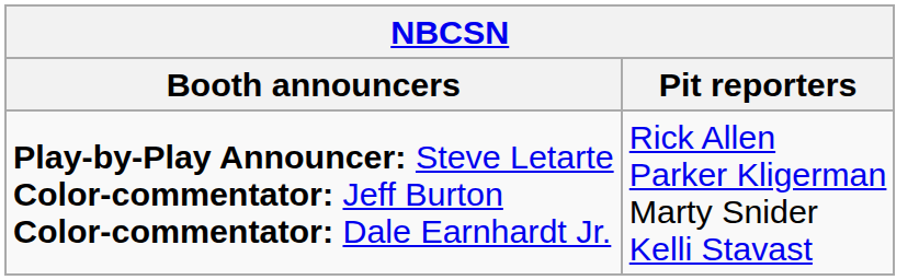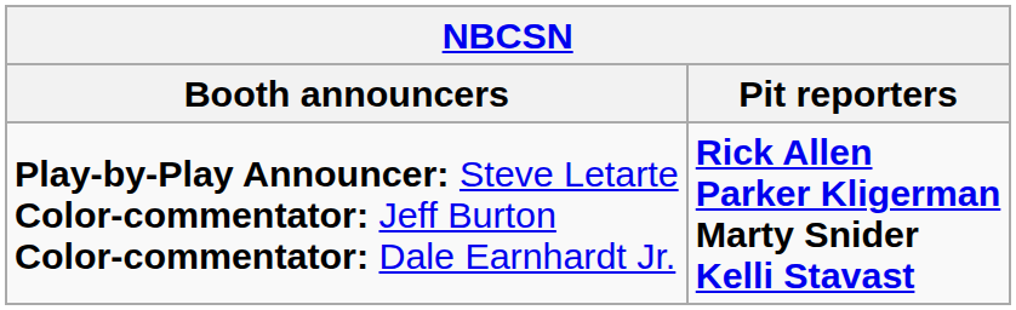 <table class="wikitable" style="font-size: 95%">
 <tr>
 <th colspan="2"><a href='#'>NBCSN</a></th>
 </tr>
 <tr>
 <th>Booth announcers</th>
 <th>Pit reporters</th>
 </tr>
 <tr>
 <td><strong>Play-by-Play Announcer:</strong> <a href='#'>Steve Letarte</a><br><strong>Color-commentator:</strong> <a href='#'>Jeff Burton</a><br><strong>Color-commentator:</strong> <a href='#'>Dale Earnhardt Jr.</a></td>
-<td><a href='#'>Rick Allen</a><br><a href='#'>Parker Kligerman</a><br>Marty Snider<br><a href='#'>Kelli Stavast</a></td>
+<td><strong><a href='#'>Rick Allen</a><br><a href='#'>Parker Kligerman</a><br>Marty Snider<br><a href='#'>Kelli Stavast</a></strong></td>
 </tr>
 </table>
